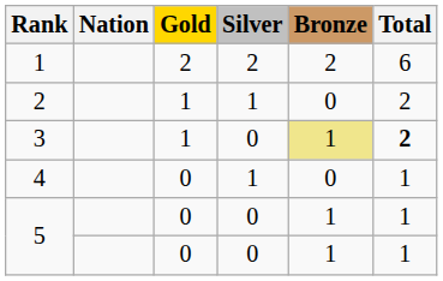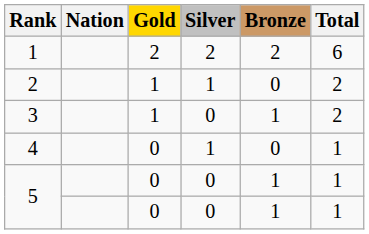 <table class="wikitable sortable" style="text-align:center">
 <tr>
 <th>Rank</th>
 <th>Nation</th>
 <th style="background-color:gold">Gold</th>
 <th style="background-color:silver">Silver</th>
 <th style="background-color:#cc9966">Bronze</th>
 <th>Total</th>
 </tr>
 <tr>
 <td>1</td>
 <td align=left></td>
 <td>2</td>
 <td>2</td>
 <td>2</td>
 <td>6</td>
 </tr>
 <tr>
 <td>2</td>
 <td align=left></td>
 <td>1</td>
 <td>1</td>
 <td>0</td>
 <td>2</td>
 </tr>
 <tr>
 <td>3</td>
 <td align=left></td>
 <td>1</td>
 <td>0</td>
-<td style="background: khaki;">1</td>
-<td><strong>2</strong></td>
+<td>1</td>
+<td>2</td>
 </tr>
 <tr>
 <td>4</td>
 <td align=left></td>
 <td>0</td>
 <td>1</td>
 <td>0</td>
 <td>1</td>
 </tr>
 <tr>
 <td rowspan="2">5</td>
 <td align=left></td>
 <td>0</td>
 <td>0</td>
 <td>1</td>
 <td>1</td>
 </tr>
 <tr>
 <td align=left></td>
 <td>0</td>
 <td>0</td>
 <td>1</td>
 <td>1</td>
 </tr>
 </table>
